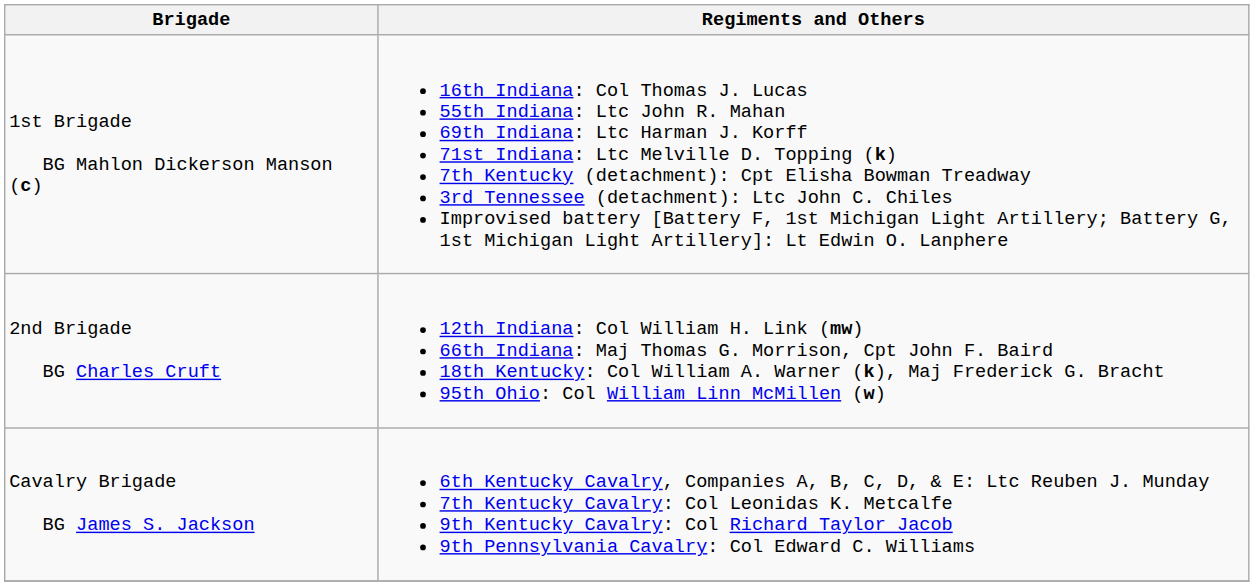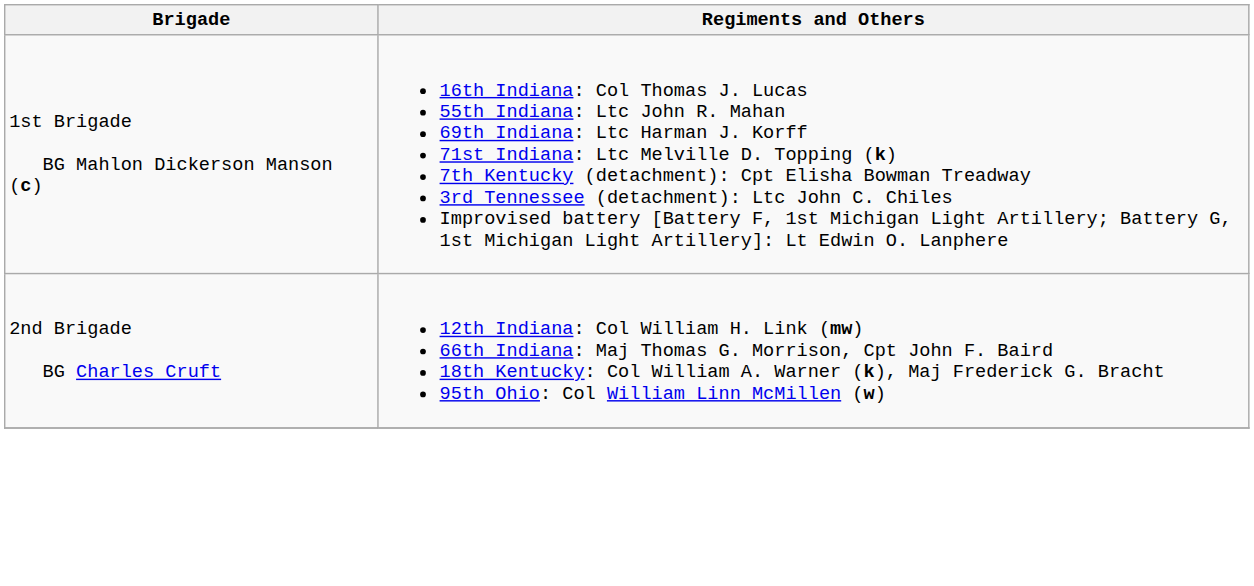 <table class="wikitable">
 <tr>
 <th width=30%>Brigade</th>
 <th>Regiments and Others</th>
 </tr>
 <tr>
 <td>1st Brigade<br><br>   BG Mahlon Dickerson Manson (<strong>c</strong>)</td>
 <td><br><ul><li><a href='#'>16th Indiana</a>: Col Thomas J. Lucas</li><li><a href='#'>55th Indiana</a>: Ltc John R. Mahan</li><li><a href='#'>69th Indiana</a>: Ltc Harman J. Korff</li><li><a href='#'>71st Indiana</a>: Ltc Melville D. Topping (<strong>k</strong>)</li><li><a href='#'>7th Kentucky</a> (detachment): Cpt Elisha Bowman Treadway</li><li><a href='#'>3rd Tennessee</a> (detachment): Ltc John C. Chiles</li><li>Improvised battery [Battery F, 1st Michigan Light Artillery; Battery G, 1st Michigan Light Artillery]: Lt Edwin O. Lanphere</li></ul></td>
 </tr>
 <tr>
 <td>2nd Brigade<br><br>   BG <a href='#'>Charles Cruft</a></td>
 <td><br><ul><li><a href='#'>12th Indiana</a>: Col William H. Link (<strong>mw</strong>)</li><li><a href='#'>66th Indiana</a>: Maj Thomas G. Morrison, Cpt John F. Baird</li><li><a href='#'>18th Kentucky</a>: Col William A. Warner (<strong>k</strong>), Maj Frederick G. Bracht</li><li><a href='#'>95th Ohio</a>: Col <a href='#'>William Linn McMillen</a> (<strong>w</strong>)</li></ul></td>
 </tr>
 <tr>
-<td>Cavalry Brigade<br><br>   BG <a href='#'>James S. Jackson</a><br></td>
-<td><br><ul><li><a href='#'>6th Kentucky Cavalry</a>, Companies A, B, C, D, & E: Ltc Reuben J. Munday</li><li><a href='#'>7th Kentucky Cavalry</a>: Col Leonidas K. Metcalfe</li><li><a href='#'>9th Kentucky Cavalry</a>: Col <a href='#'>Richard Taylor Jacob</a></li><li><a href='#'>9th Pennsylvania Cavalry</a>: Col Edward C. Williams</li></ul></td>
-</tr>
-<tr>
 </tr>
 </table>
